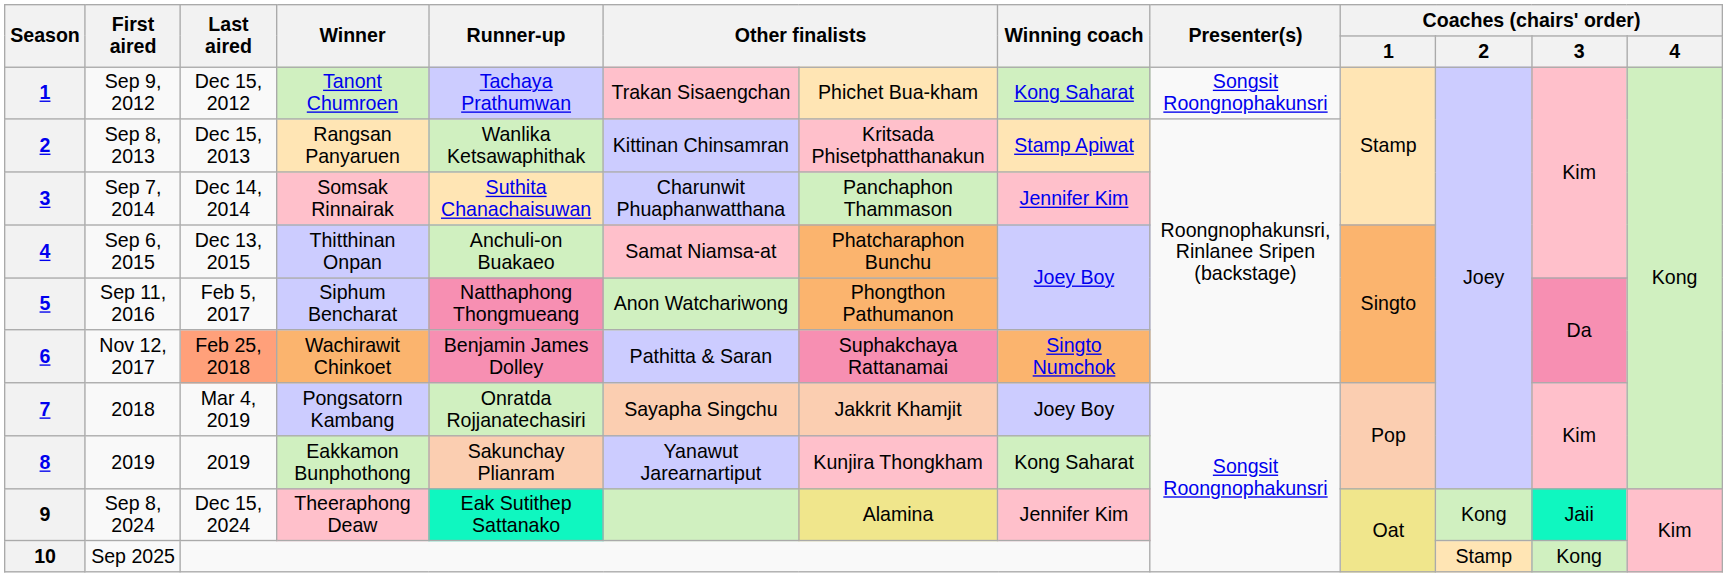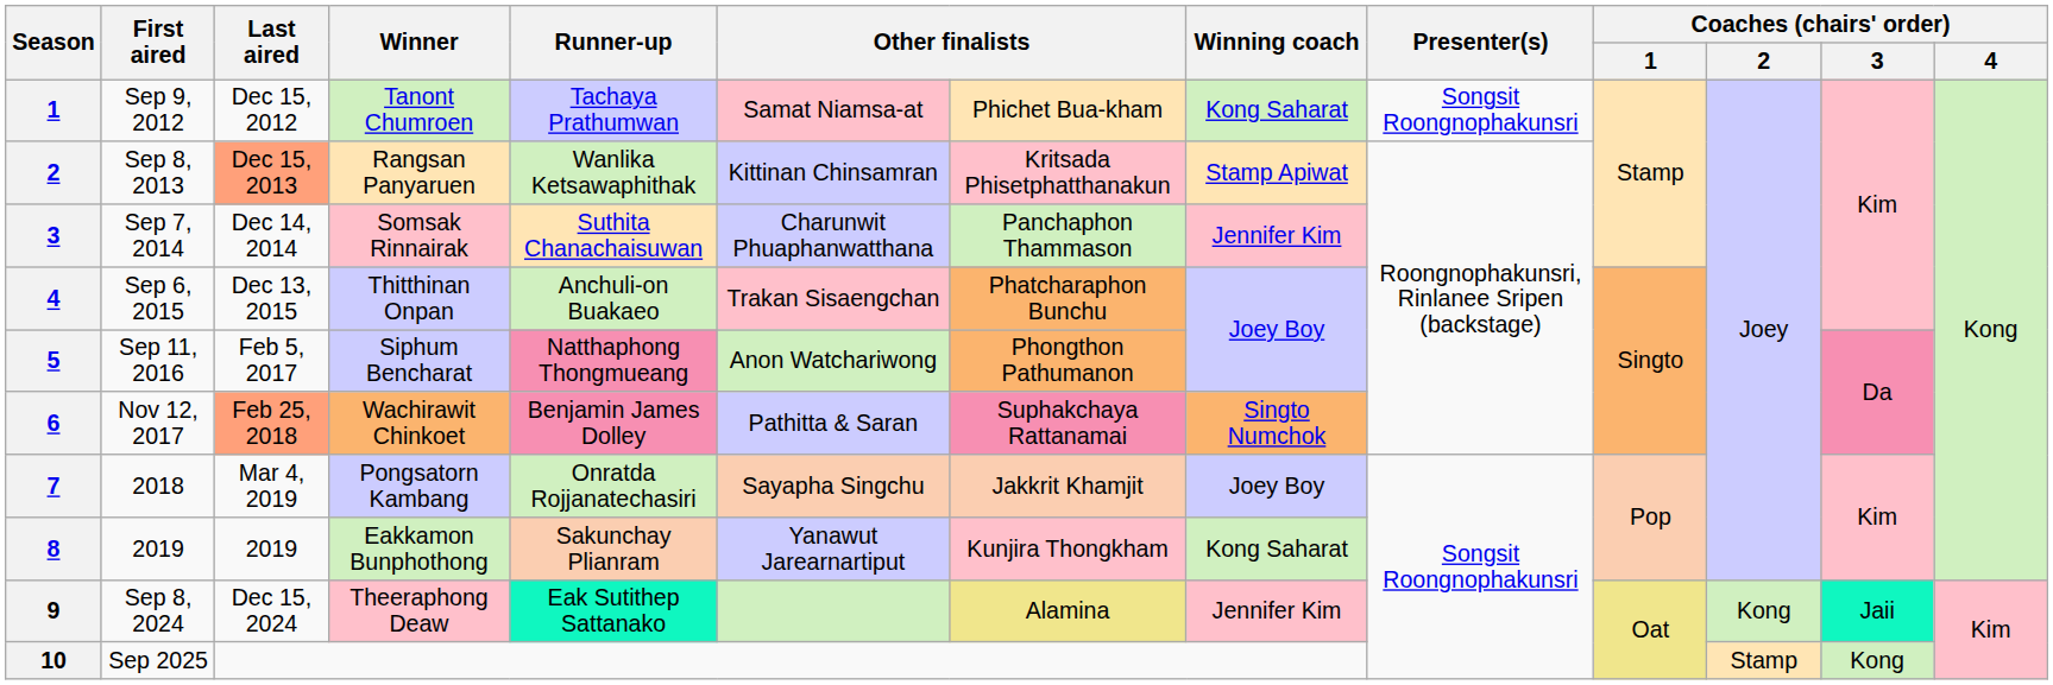 <table class="wikitable" style="text-align:center; font-size:90%; line-height:16px; width:100%">
 <tr>
 <th rowspan="2" scope="col" width="1%">Season</th>
 <th rowspan="2" scope="col" width="5%">First aired</th>
 <th rowspan="2" scope="col" width="5%">Last aired</th>
 <th rowspan="2" scope="col" width="8%">Winner</th>
 <th rowspan="2" scope="col" width="8%">Runner-up</th>
 <th rowspan="2" colspan="2" width="24%">Other finalists</th>
 <th rowspan="2" scope="col" width="8%">Winning coach</th>
 <th rowspan="2" scope="col" width="6%">Presenter(s)</th>
 <th colspan="4" scope="col" nowrap>Coaches (chairs' order)</th>
 </tr>
 <tr>
 <th width="5%">1</th>
 <th width="5%">2</th>
 <th width="5%">3</th>
 <th width="5%">4</th>
 </tr>
 <tr>
 <th scope="row"><a href='#'>1</a></th>
 <td>Sep 9, 2012</td>
 <td>Dec 15, 2012</td>
 <td style="background:#d0f0c0"><a href='#'>Tanont Chumroen</a></td>
 <td style="background:#ccccff"><a href='#'>Tachaya Prathumwan</a></td>
-<td style="background: pink; width:9%">Trakan Sisaengchan</td>
+<td style="background: pink">Samat Niamsa-at</td>
 <td style="background:#ffe5b4; width:9%">Phichet Bua-kham</td>
 <td style="background:#d0f0c0"><a href='#'>Kong Saharat</a></td>
 <td><a href='#'>Songsit Roongnophakunsri</a></td>
 <td rowspan="3" style="background:#ffe5b4">Stamp</td>
 <td rowspan="8" style="background:#ccccff">Joey</td>
 <td rowspan="4" style="background: pink">Kim</td>
 <td rowspan="8" style="background:#d0f0c0">Kong</td>
 </tr>
 <tr>
 <th scope="row"><a href='#'>2</a></th>
 <td>Sep 8, 2013</td>
-<td>Dеc 15, 2013</td>
+<td style="background: lightsalmon;">Dеc 15, 2013</td>
 <td style="background:#ffe5b4">Rangsan Panyaruen</td>
 <td style="background:#d0f0c0">Wanlika Ketsawaphithak</td>
 <td style="background:#ccccff">Kittinan Chinsamran</td>
 <td style="background: pink">Kritsada<br>Phisetphatthanakun</td>
 <td style="background:#ffe5b4"><a href='#'>Stamp Apiwat</a></td>
 <td rowspan="5">Roongnophakunsri,<br>Rinlanee Sripen (backstage)</td>
 </tr>
 <tr>
 <th scope="row"><a href='#'>3</a></th>
 <td>Sep 7, 2014</td>
 <td>Dec 14, 2014</td>
 <td style="background: pink">Somsak Rinnairak</td>
 <td style="background:#ffe5b4"><a href='#'>Suthita Chanachaisuwan</a></td>
 <td style="background:#ccccff">Charunwit<br>Phuaphanwatthana</td>
 <td style="background:#d0f0c0">Panchaphon Thammason</td>
 <td style="background: pink"><a href='#'>Jennifer Kim</a></td>
 </tr>
 <tr>
 <th scope="row"><a href='#'>4</a></th>
 <td>Sep 6, 2015</td>
 <td>Dec 13, 2015</td>
 <td style="background:#ccccff">Thitthinan Onpan</td>
 <td style="background:#d0f0c0">Anchuli-on Buakaeo</td>
-<td style="background: pink">Samat Niamsa-at</td>
+<td style="background: pink; width:9%">Trakan Sisaengchan</td>
 <td style="background:#fbb46e">Phatcharaphon Bunchu</td>
 <td style="background:#ccccff" rowspan="2"><a href='#'>Joey Boy</a></td>
 <td style="background:#fbb46e" rowspan="3">Singto</td>
 </tr>
 <tr>
 <th scope="row"><a href='#'>5</a></th>
 <td>Sep 11, 2016</td>
 <td>Feb 5, 2017</td>
 <td style="background:#ccccff">Siphum Bencharat</td>
 <td style="background:#f78fb2">Natthaphong Thongmueang</td>
 <td style="background:#d0f0c0">Anon Watchariwong</td>
 <td style="background:#fbb46e">Phongthon<br>Pathumanon</td>
 <td style="background:#f78fb2" rowspan="2">Da</td>
 </tr>
 <tr>
 <th scope="row"><a href='#'>6</a></th>
 <td>Nov 12, 2017</td>
 <td style="background: lightsalmon;">Feb 25, 2018</td>
 <td style="background:#fbb46e">Wachirawit Chinkoet</td>
 <td style="background:#f78fb2">Benjamin James Dolley</td>
 <td style="background:#ccccff">Pathitta & Saran</td>
 <td style="background:#f78fb2">Suphakchaya<br>Rattanamai</td>
 <td style="background:#fbb46e"><a href='#'>Singto Numchok</a></td>
 </tr>
 <tr>
 <th scope="now"><a href='#'>7</a></th>
 <td> 2018</td>
 <td>Mar 4, 2019</td>
 <td style="background:#ccccff">Pongsatorn Kambang</td>
 <td style="background:#d0f0c0">Onratda<br>Rojjanatechasiri</td>
 <td style="background:#fbceb1">Sayapha Singchu</td>
 <td style="background:#fbceb1">Jakkrit Khamjit</td>
 <td style="background:#ccccff">Joey Boy</td>
 <td rowspan="5"><a href='#'>Songsit Roongnophakunsri</a></td>
 <td rowspan="2" style="background:#fbceb1">Pop</td>
 <td rowspan="2" style="background: pink">Kim</td>
 </tr>
 <tr>
 <th scope="row"><a href='#'>8</a></th>
 <td> 2019</td>
 <td> 2019</td>
 <td style="background:#d0f0c0">Eakkamon Bunphothong</td>
 <td style="background:#fbceb1">Sakunchay Plianram</td>
 <td style="background:#ccccff">Yanawut<br>Jarearnartiput</td>
 <td style="background: pink">Kunjira Thongkham</td>
 <td style="background:#d0f0c0">Kong Saharat</td>
 </tr>
 <tr>
 <th>9</th>
 <td>Sep 8, 2024</td>
 <td>Dec 15, 2024</td>
 <td style="background:pink">Theeraphong Deaw</td>
 <td style="background:#0ff7c0">Eak Sutithep Sattanako</td>
 <td style="background:#d0f0c0"></td>
 <td style="background:khaki">Alamina </td>
 <td style="background:pink">Jennifer Kim</td>
 <td style="background:khaki" rowspan="2">Oat</td>
 <td style="background:#d0f0c0">Kong</td>
 <td style="background:#0ff7c0">Jaii</td>
 <td style="background: pink" rowspan="2">Kim</td>
 </tr>
 <tr>
 <th>10</th>
 <td>Sep 2025</td>
 <td colspan="6"></td>
 <td style="background:#ffe5b4">Stamp</td>
 <td style="background:#d0f0c0">Kong</td>
 </tr>
 </table>
